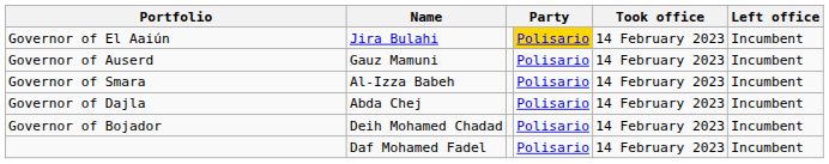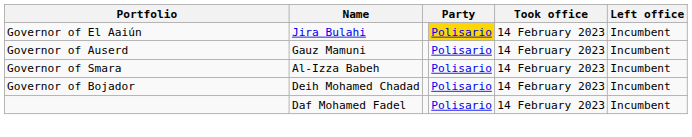 <table class="wikitable">
 <tr>
 <th scope="col" width="325px">Portfolio</th>
 <th scope="col">Name</th>
 <th scope="col" colspan="2">Party</th>
 <th scope="col">Took office</th>
 <th scope="col">Left office</th>
 </tr>
 <tr>
 <td scope="row">Governor of El Aaiún</td>
 <td><a href='#'>Jira Bulahi</a></td>
 <td width="1" style="color:inherit;background:"></td>
 <td style="background: gold;"><a href='#'>Polisario</a></td>
 <td>14 February 2023</td>
 <td>Incumbent</td>
 </tr>
 <tr>
 <td scope="row">Governor of Auserd</td>
 <td>Gauz Mamuni</td>
 <td width="1" style="color:inherit;background:"></td>
 <td><a href='#'>Polisario</a></td>
 <td>14 February 2023</td>
 <td>Incumbent</td>
 </tr>
 <tr>
 <td scope="row">Governor of Smara</td>
 <td>Al-Izza Babeh</td>
 <td width="1" style="color:inherit;background:"></td>
 <td><a href='#'>Polisario</a></td>
 <td>14 February 2023</td>
 <td>Incumbent</td>
 </tr>
 <tr>
-<td scope="row">Governor of Dajla</td>
-<td>Abda Chej</td>
-<td width="1" style="color:inherit;background:"></td>
-<td><a href='#'>Polisario</a></td>
-<td>14 February 2023</td>
-<td>Incumbent</td>
-</tr>
-<tr>
 <td scope="row">Governor of Bojador</td>
 <td>Deih Mohamed Chadad</td>
 <td width="1" style="color:inherit;background:"></td>
 <td><a href='#'>Polisario</a></td>
 <td>14 February 2023</td>
 <td>Incumbent</td>
 </tr>
 <tr>
 <td scope="row"></td>
 <td>Daf Mohamed Fadel</td>
 <td width="1" style="color:inherit;background:"></td>
 <td><a href='#'>Polisario</a></td>
 <td>14 February 2023</td>
 <td>Incumbent</td>
 </tr>
 </table>
